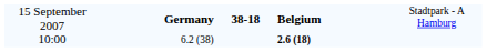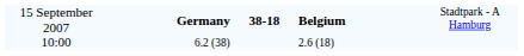 <table style="width: 100%; background:#F5FAFF;" cellspacing="0">
 <tr>
 <td align=center rowspan=3 width=20%>15 September 2007<br>10:00</td>
 </tr>
 <tr>
 <td width=24% align=right><strong>Germany</strong></td>
 <td align=center width=13%><strong>38-18</strong></td>
 <td width=24%><strong>Belgium</strong></td>
 <td style=font-size:85% rowspan=3 valign=top align=center>Stadtpark - A <br><a href='#'>Hamburg</a></td>
 </tr>
 <tr style=font-size:85%>
 <td align=right>6.2 (38)</td>
 <td align=center></td>
-<td><strong>2.6 (18)</strong></td>
+<td>2.6 (18)</td>
 </tr>
 </table>
